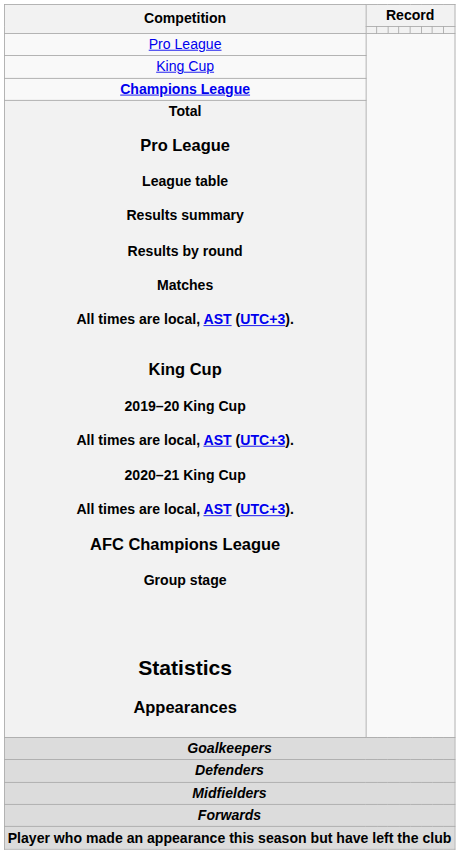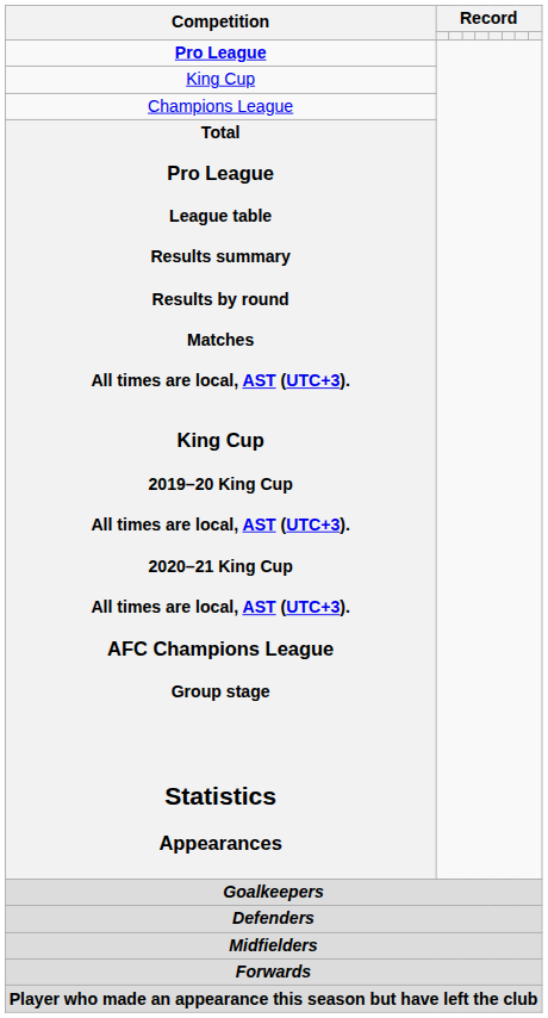 <table class="wikitable" style="text-align: center">
 <tr>
 <th rowspan=2>Competition</th>
 <th colspan=8>Record</th>
 </tr>
 <tr>
 <th></th>
 <th></th>
 <th></th>
 <th></th>
 <th></th>
 <th></th>
 <th></th>
 <th></th>
 </tr>
 <tr>
-<td><a href='#'>Pro League</a><br></td>
+<td><strong><a href='#'>Pro League</a><br></strong></td>
 </tr>
 <tr>
 <td><a href='#'>King Cup</a><br></td>
 </tr>
 <tr>
-<td><strong><a href='#'>Champions League</a><br></strong></td>
+<td><a href='#'>Champions League</a><br></td>
 </tr>
 <tr>
 <th>Total<br> <h3>Pro League</h3><h4>League table</h4><h4>Results summary</h4> <h4>Results by round</h4><h4>Matches</h4>All times are local, <a href='#'>AST</a> (<a href='#'>UTC+3</a>).<br>   <br>                             <h3>King Cup</h3><h4>2019–20 King Cup</h4> All times are local, <a href='#'>AST</a> (<a href='#'>UTC+3</a>).<br><h4>2020–21 King Cup</h4> All times are local, <a href='#'>AST</a> (<a href='#'>UTC+3</a>).<br><h3>AFC Champions League</h3><h4>Group stage</h4><br><br>     <h2>Statistics</h2><h3>Appearances</h3></th>
 </tr>
 <tr>
 <th colspan=18 style=background:#dcdcdc; text-align:center><em>Goalkeepers</em><br>  </th>
 </tr>
 <tr>
 <th colspan=18 style=background:#dcdcdc; text-align:center><em>Defenders</em><br>          </th>
 </tr>
 <tr>
 <th colspan=18 style=background:#dcdcdc; text-align:center><em>Midfielders</em><br>              </th>
 </tr>
 <tr>
 <th colspan=18 style=background:#dcdcdc; text-align:center><em>Forwards</em><br>    </th>
 </tr>
 <tr>
 <th colspan=14 style=background:#dcdcdc; text-align:center>Player who made an appearance this season but have left the club<br> </th>
 </tr>
 </table>
